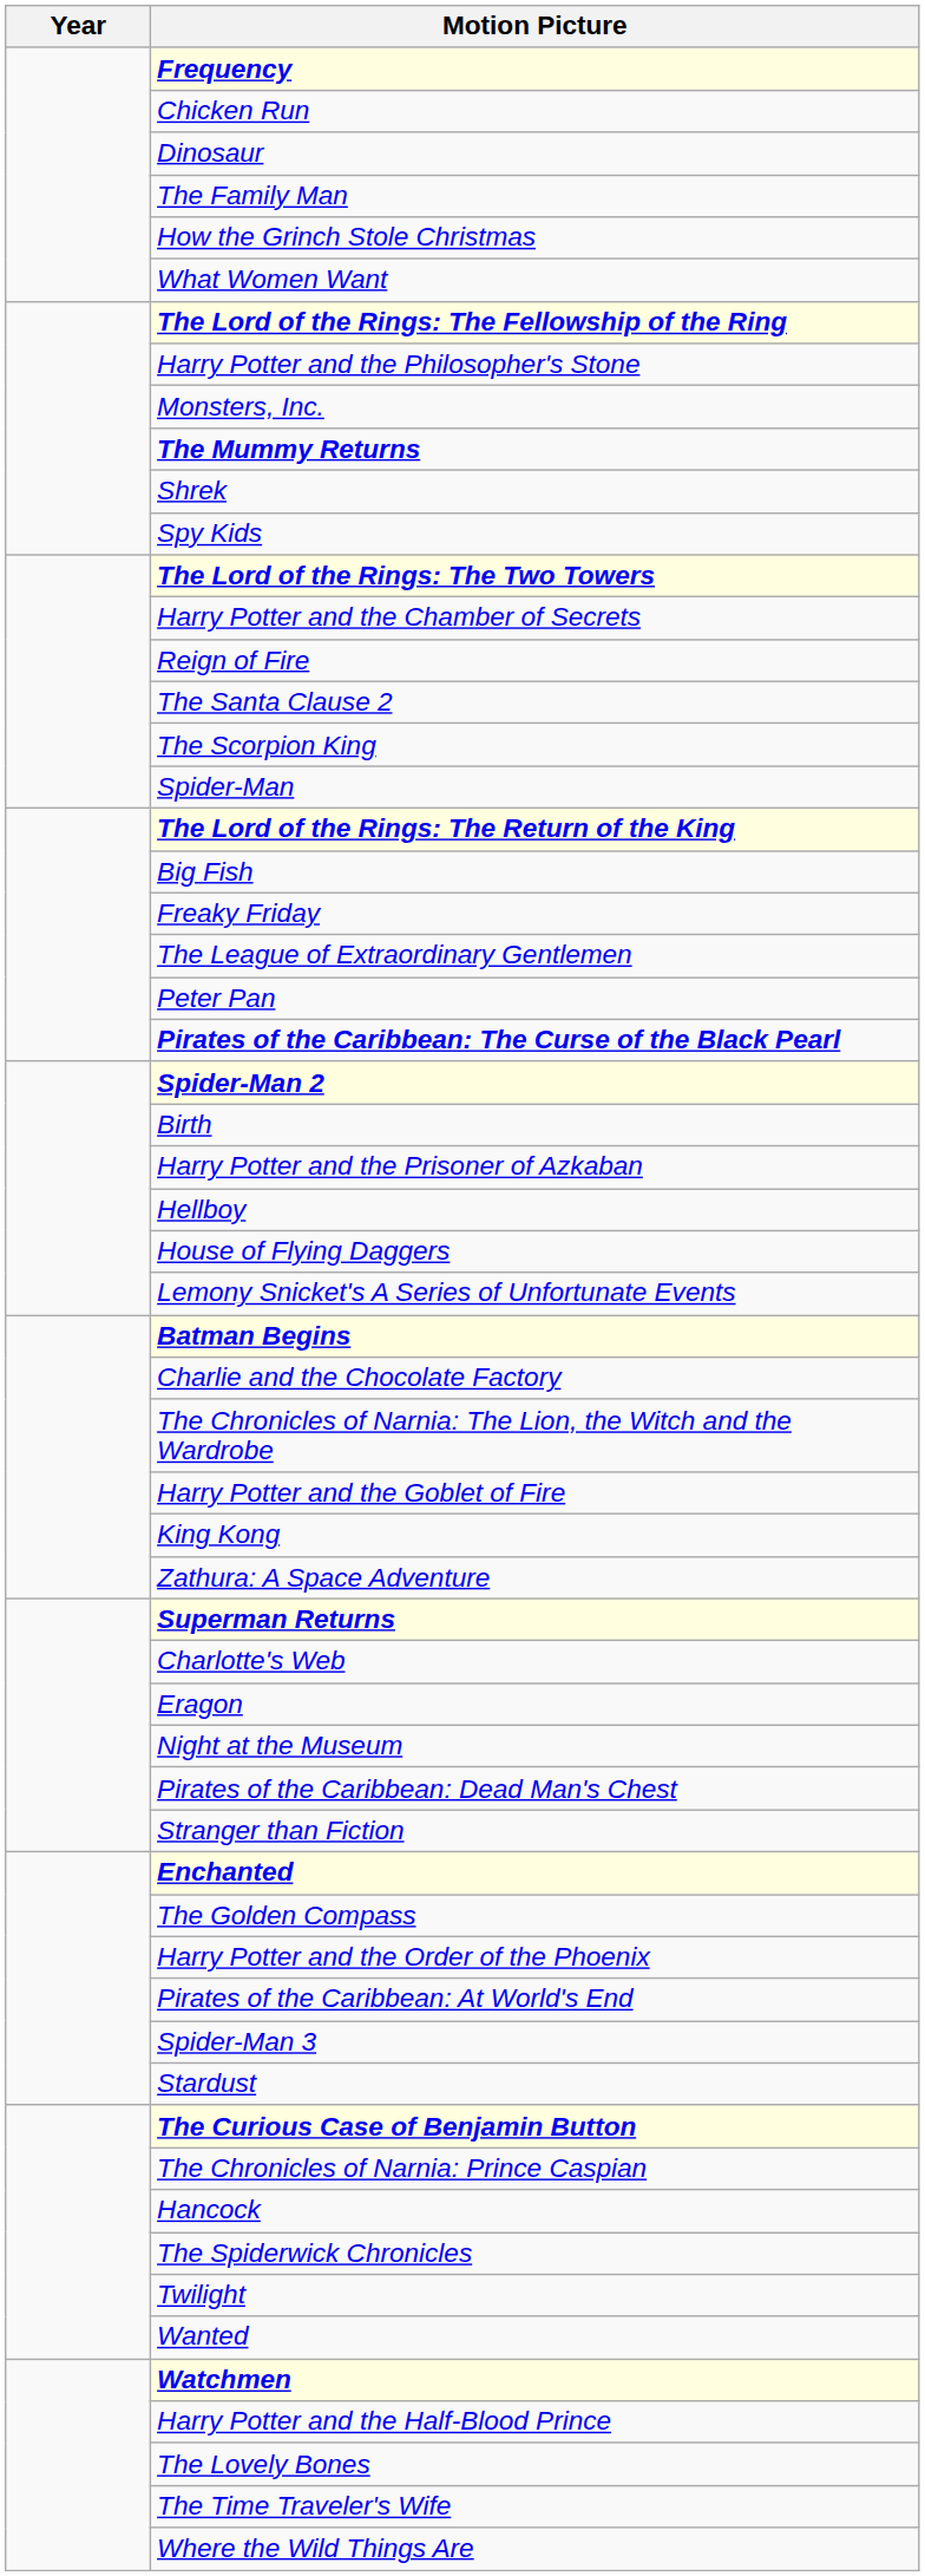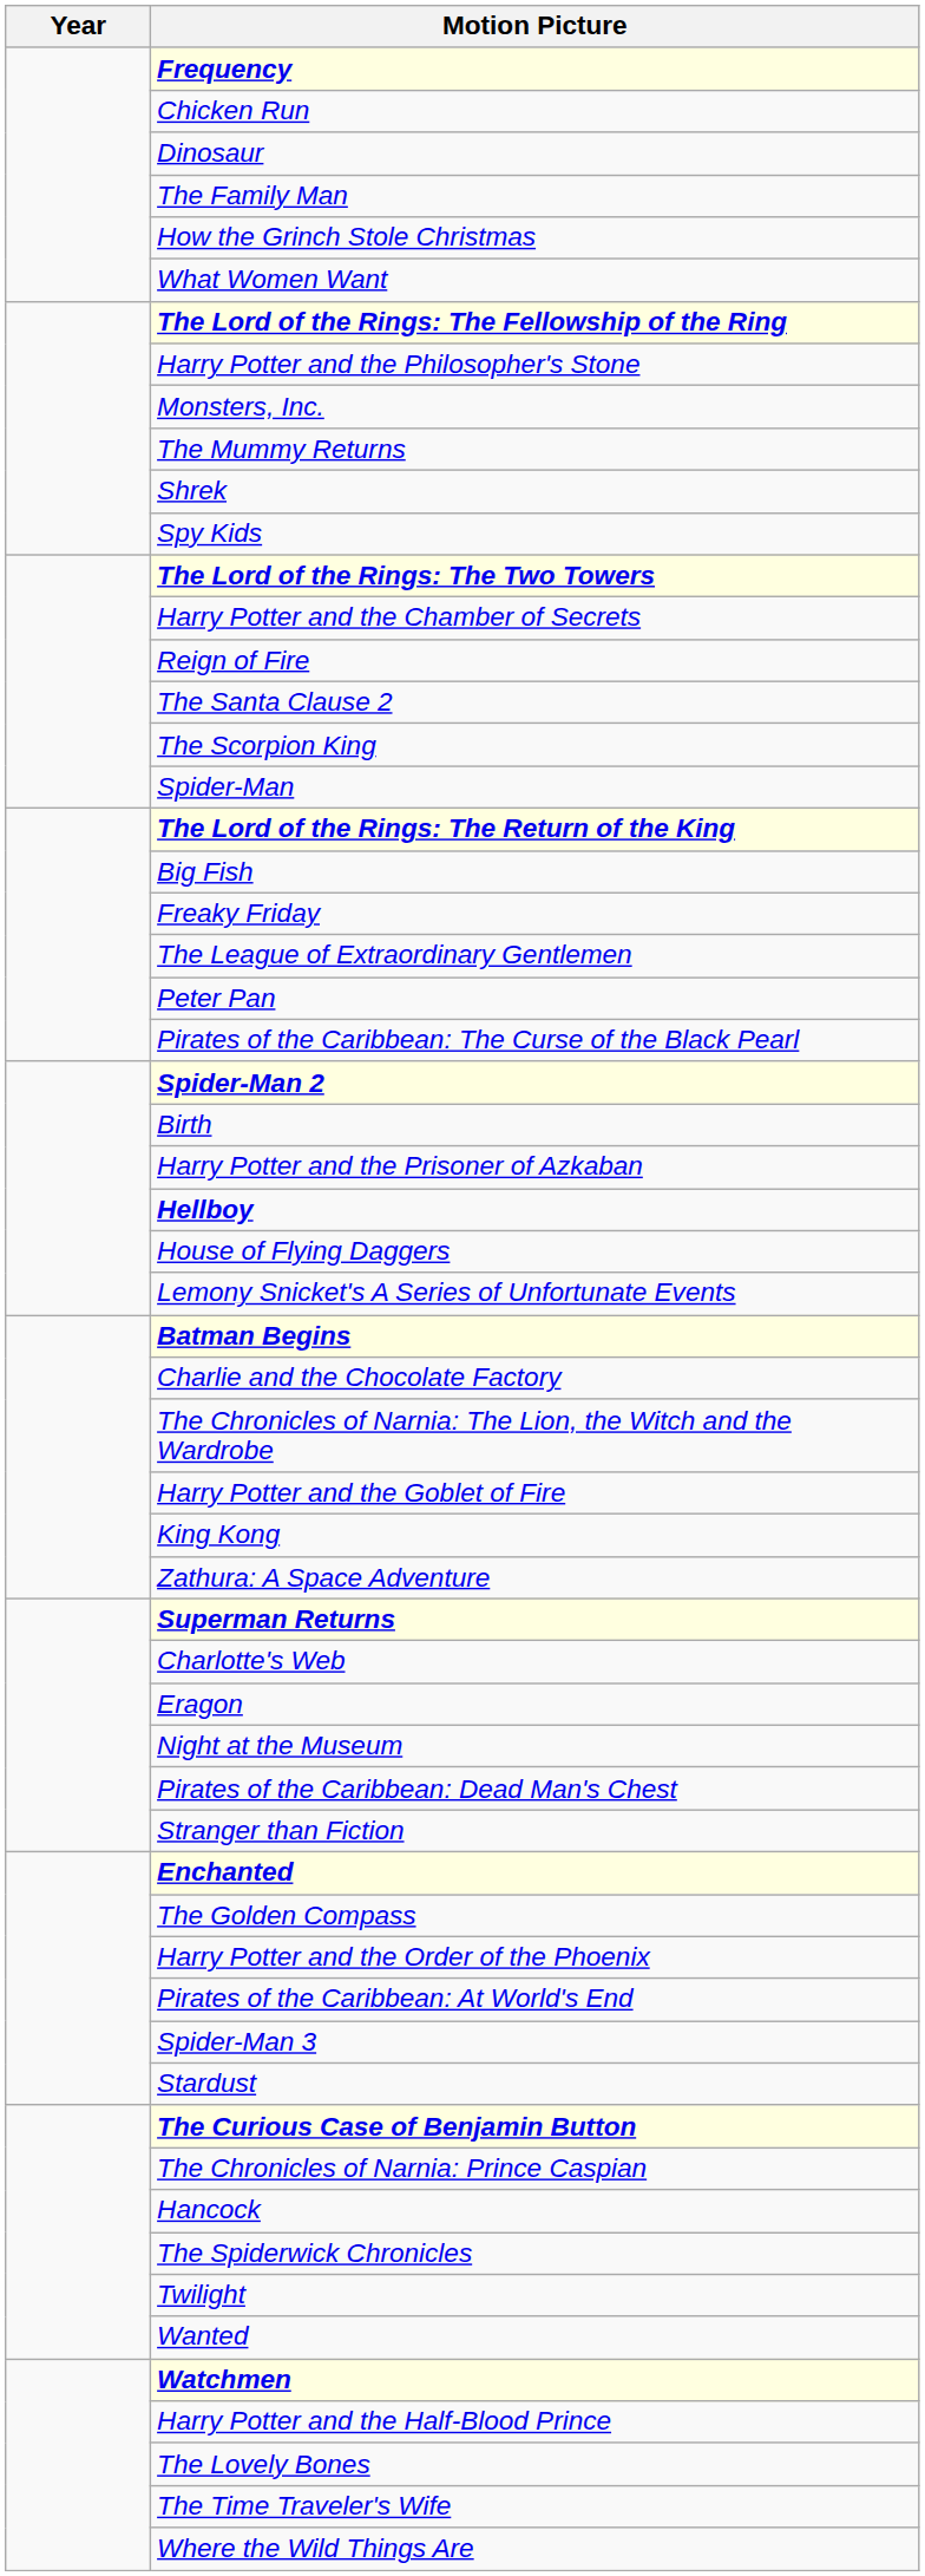 <table class="wikitable" width="550px" border="1" cellpadding="5" cellspacing="0" align="centre">
 <tr>
 <th width="80px">Year</th>
 <th>Motion Picture</th>
 </tr>
 <tr>
 <td rowspan=6></td>
 <td style="background:lightyellow"><strong><em><a href='#'>Frequency</a></em></strong></td>
 </tr>
 <tr>
 <td><em><a href='#'>Chicken Run</a></em></td>
 </tr>
 <tr>
 <td><em><a href='#'>Dinosaur</a></em></td>
 </tr>
 <tr>
 <td><em><a href='#'>The Family Man</a></em></td>
 </tr>
 <tr>
 <td><em><a href='#'>How the Grinch Stole Christmas</a></em></td>
 </tr>
 <tr>
 <td><em><a href='#'>What Women Want</a></em></td>
 </tr>
 <tr>
 <td rowspan=6></td>
 <td style="background:lightyellow"><strong><em><a href='#'>The Lord of the Rings: The Fellowship of the Ring</a></em></strong></td>
 </tr>
 <tr>
 <td><em><a href='#'>Harry Potter and the Philosopher's Stone</a></em></td>
 </tr>
 <tr>
 <td><em><a href='#'>Monsters, Inc.</a></em></td>
 </tr>
 <tr>
-<td><strong><em><a href='#'>The Mummy Returns</a></em></strong></td>
+<td><em><a href='#'>The Mummy Returns</a></em></td>
 </tr>
 <tr>
 <td><em><a href='#'>Shrek</a></em></td>
 </tr>
 <tr>
 <td><em><a href='#'>Spy Kids</a></em></td>
 </tr>
 <tr>
 <td rowspan=6></td>
 <td style="background:lightyellow"><strong><em><a href='#'>The Lord of the Rings: The Two Towers</a></em></strong></td>
 </tr>
 <tr>
 <td><em><a href='#'>Harry Potter and the Chamber of Secrets</a></em></td>
 </tr>
 <tr>
 <td><em><a href='#'>Reign of Fire</a></em></td>
 </tr>
 <tr>
 <td><em><a href='#'>The Santa Clause 2</a></em></td>
 </tr>
 <tr>
 <td><em><a href='#'>The Scorpion King</a></em></td>
 </tr>
 <tr>
 <td><em><a href='#'>Spider-Man</a></em></td>
 </tr>
 <tr>
 <td rowspan=6></td>
 <td style="background:lightyellow"><strong><em><a href='#'>The Lord of the Rings: The Return of the King</a></em></strong></td>
 </tr>
 <tr>
 <td><em><a href='#'>Big Fish</a></em></td>
 </tr>
 <tr>
 <td><em><a href='#'>Freaky Friday</a></em></td>
 </tr>
 <tr>
 <td><em><a href='#'>The League of Extraordinary Gentlemen</a></em></td>
 </tr>
 <tr>
 <td><em><a href='#'>Peter Pan</a></em></td>
 </tr>
 <tr>
-<td><strong><em><a href='#'>Pirates of the Caribbean: The Curse of the Black Pearl</a></em></strong></td>
+<td><em><a href='#'>Pirates of the Caribbean: The Curse of the Black Pearl</a></em></td>
 </tr>
 <tr>
 <td rowspan=6></td>
 <td style="background:lightyellow"><strong><em><a href='#'>Spider-Man 2</a></em></strong></td>
 </tr>
 <tr>
 <td><em><a href='#'>Birth</a></em></td>
 </tr>
 <tr>
 <td><em><a href='#'>Harry Potter and the Prisoner of Azkaban</a></em></td>
 </tr>
 <tr>
-<td><em><a href='#'>Hellboy</a></em></td>
+<td><strong><em><a href='#'>Hellboy</a></em></strong></td>
 </tr>
 <tr>
 <td><em><a href='#'>House of Flying Daggers</a></em></td>
 </tr>
 <tr>
 <td><em><a href='#'>Lemony Snicket's A Series of Unfortunate Events</a></em></td>
 </tr>
 <tr>
 <td rowspan=6></td>
 <td style="background:lightyellow"><strong><em><a href='#'>Batman Begins</a></em></strong></td>
 </tr>
 <tr>
 <td><em><a href='#'>Charlie and the Chocolate Factory</a></em></td>
 </tr>
 <tr>
 <td><em><a href='#'>The Chronicles of Narnia: The Lion, the Witch and the Wardrobe</a></em></td>
 </tr>
 <tr>
 <td><em><a href='#'>Harry Potter and the Goblet of Fire</a></em></td>
 </tr>
 <tr>
 <td><em><a href='#'>King Kong</a></em></td>
 </tr>
 <tr>
 <td><em><a href='#'>Zathura: A Space Adventure</a></em></td>
 </tr>
 <tr>
 <td rowspan=6></td>
 <td style="background:lightyellow"><strong><em><a href='#'>Superman Returns</a></em></strong></td>
 </tr>
 <tr>
 <td><em><a href='#'>Charlotte's Web</a></em></td>
 </tr>
 <tr>
 <td><em><a href='#'>Eragon</a></em></td>
 </tr>
 <tr>
 <td><em><a href='#'>Night at the Museum</a></em></td>
 </tr>
 <tr>
 <td><em><a href='#'>Pirates of the Caribbean: Dead Man's Chest</a></em></td>
 </tr>
 <tr>
 <td><em><a href='#'>Stranger than Fiction</a></em></td>
 </tr>
 <tr>
 <td rowspan=6></td>
 <td style="background:lightyellow"><strong><em><a href='#'>Enchanted</a></em></strong></td>
 </tr>
 <tr>
 <td><em><a href='#'>The Golden Compass</a></em></td>
 </tr>
 <tr>
 <td><em><a href='#'>Harry Potter and the Order of the Phoenix</a></em></td>
 </tr>
 <tr>
 <td><em><a href='#'>Pirates of the Caribbean: At World's End</a></em></td>
 </tr>
 <tr>
 <td><em><a href='#'>Spider-Man 3</a></em></td>
 </tr>
 <tr>
 <td><em><a href='#'>Stardust</a></em></td>
 </tr>
 <tr>
 <td rowspan=6></td>
 <td style="background:lightyellow"><strong><em><a href='#'>The Curious Case of Benjamin Button</a></em></strong></td>
 </tr>
 <tr>
 <td><em><a href='#'>The Chronicles of Narnia: Prince Caspian</a></em></td>
 </tr>
 <tr>
 <td><em><a href='#'>Hancock</a></em></td>
 </tr>
 <tr>
 <td><em><a href='#'>The Spiderwick Chronicles</a></em></td>
 </tr>
 <tr>
 <td><em><a href='#'>Twilight</a></em></td>
 </tr>
 <tr>
 <td><em><a href='#'>Wanted</a></em></td>
 </tr>
 <tr>
 <td rowspan=5></td>
 <td style="background:lightyellow"><strong><em><a href='#'>Watchmen</a></em></strong></td>
 </tr>
 <tr>
 <td><em><a href='#'>Harry Potter and the Half-Blood Prince</a></em></td>
 </tr>
 <tr>
 <td><em><a href='#'>The Lovely Bones</a></em></td>
 </tr>
 <tr>
 <td><em><a href='#'>The Time Traveler's Wife</a></em></td>
 </tr>
 <tr>
 <td><em><a href='#'>Where the Wild Things Are</a></em></td>
 </tr>
 </table>
